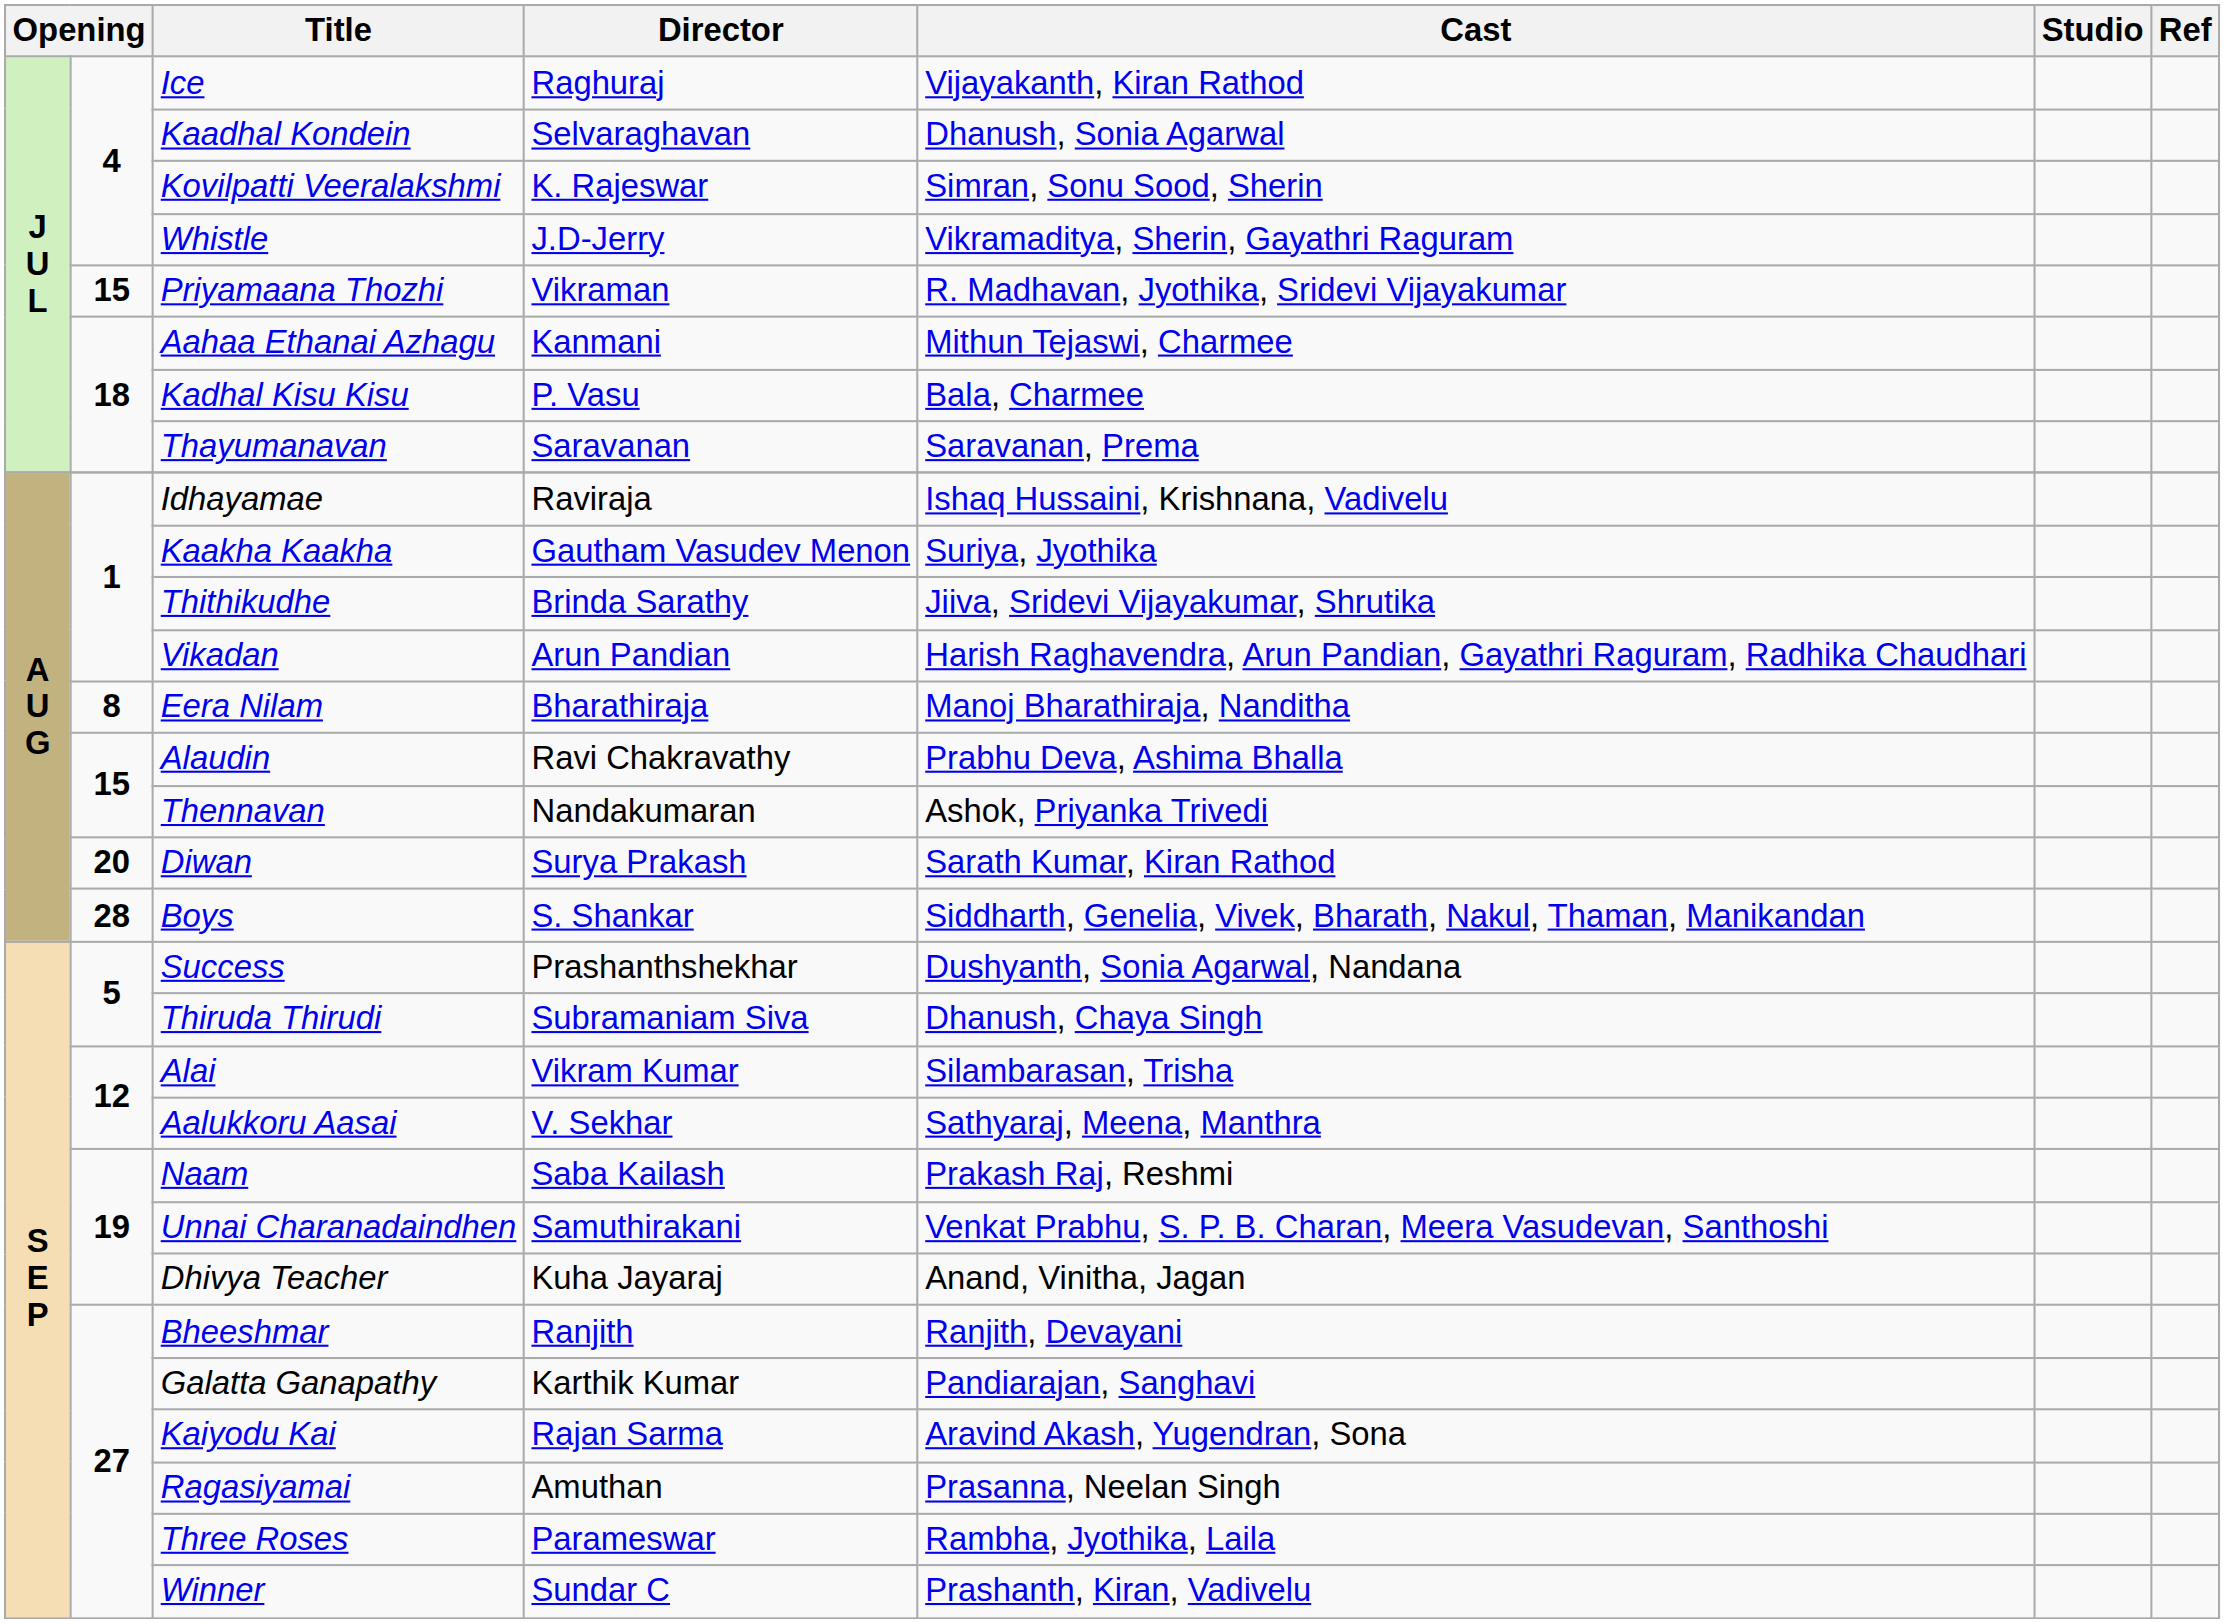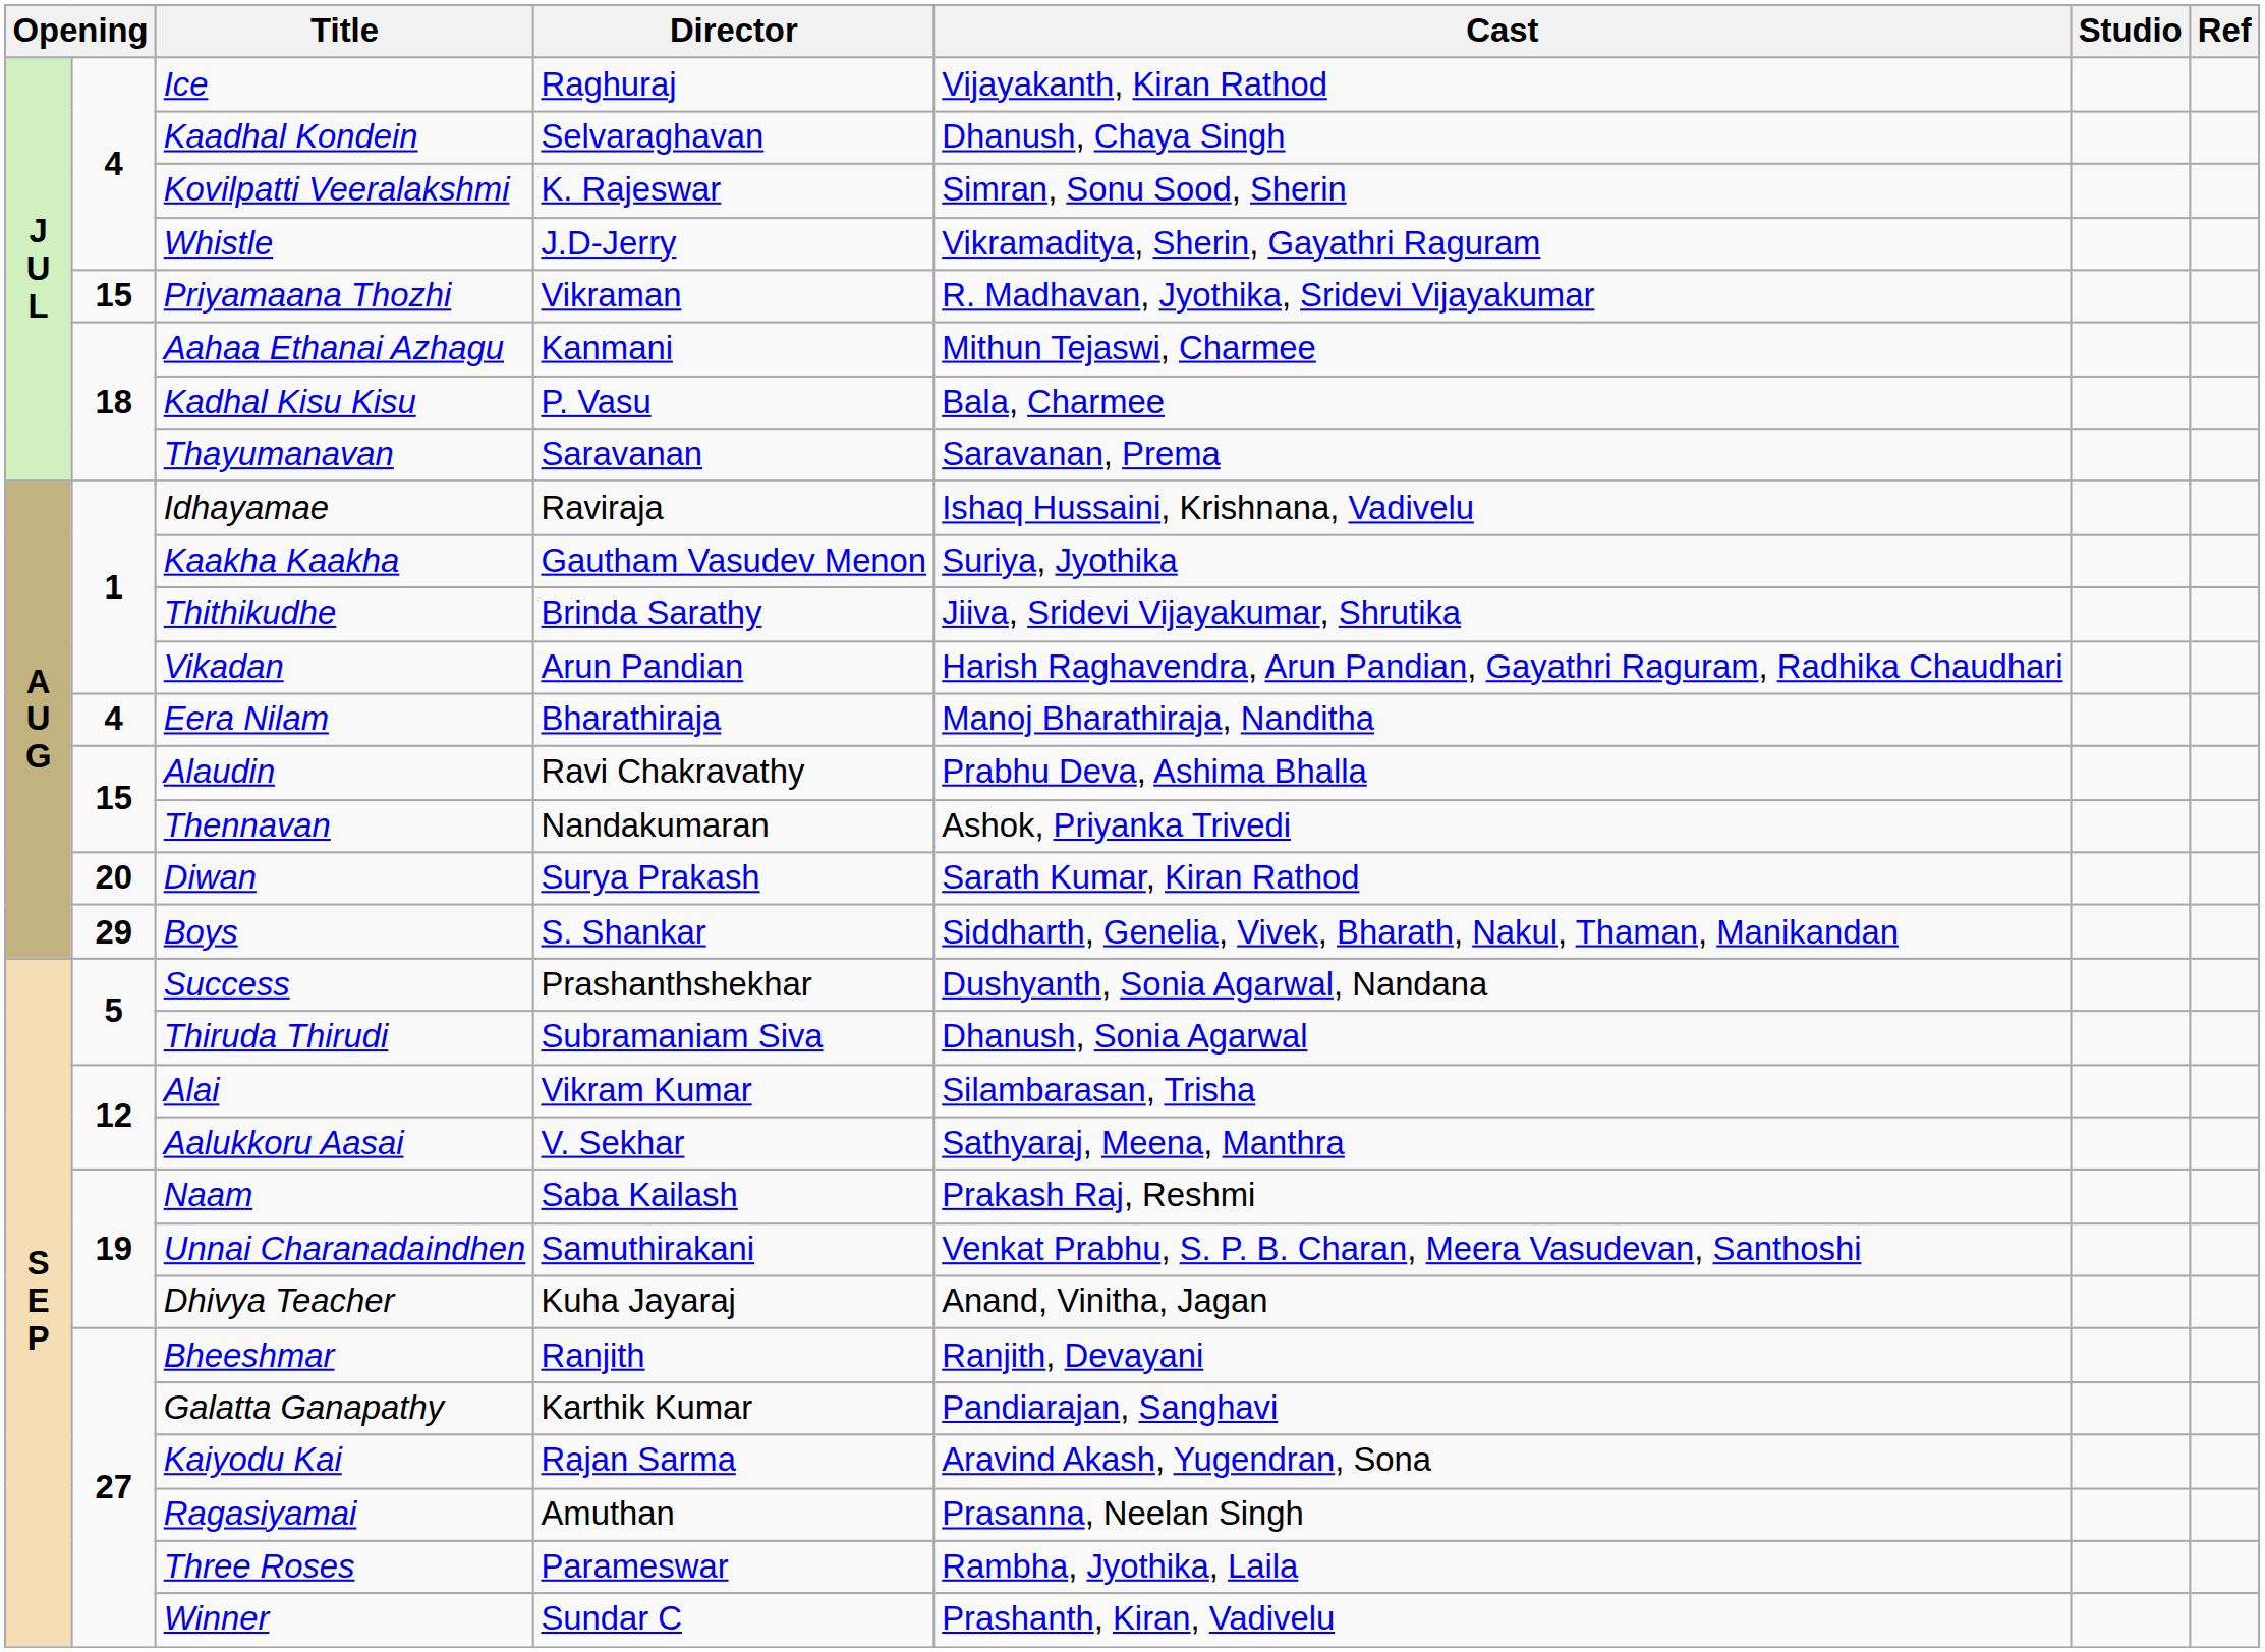 <table class="wikitable">
 <tr>
 <th colspan="2">Opening</th>
 <th>Title</th>
 <th>Director</th>
 <th>Cast</th>
 <th>Studio</th>
 <th>Ref</th>
 </tr>
 <tr July!>
 <td rowspan="8" valign="center" align="center" style="background:#d0f0c0; textcolor:#000;"><strong>J<br>U<br>L</strong></td>
 <td rowspan="4" align="center"><strong>4</strong></td>
 <td><em><a href='#'>Ice</a></em></td>
 <td><a href='#'>Raghuraj</a></td>
 <td><a href='#'>Vijayakanth</a>, <a href='#'>Kiran Rathod</a></td>
 <td></td>
 <td></td>
 </tr>
 <tr>
 <td><em><a href='#'>Kaadhal Kondein</a></em></td>
 <td><a href='#'>Selvaraghavan</a></td>
-<td><a href='#'>Dhanush</a>, <a href='#'>Sonia Agarwal</a></td>
+<td><a href='#'>Dhanush</a>, <a href='#'>Chaya Singh</a></td>
 <td></td>
 <td></td>
 </tr>
 <tr>
 <td><em><a href='#'>Kovilpatti Veeralakshmi</a></em></td>
 <td><a href='#'>K. Rajeswar</a></td>
 <td><a href='#'>Simran</a>, <a href='#'>Sonu Sood</a>, <a href='#'>Sherin</a></td>
 <td></td>
 <td></td>
 </tr>
 <tr>
 <td><em><a href='#'>Whistle</a></em></td>
 <td><a href='#'>J.D-Jerry</a></td>
 <td><a href='#'>Vikramaditya</a>, <a href='#'>Sherin</a>, <a href='#'>Gayathri Raguram</a></td>
 <td></td>
 <td></td>
 </tr>
 <tr>
 <td rowspan="1" align="center"><strong>15</strong></td>
 <td><em><a href='#'>Priyamaana Thozhi</a></em></td>
 <td><a href='#'>Vikraman</a></td>
 <td><a href='#'>R. Madhavan</a>, <a href='#'>Jyothika</a>, <a href='#'>Sridevi Vijayakumar</a></td>
 <td></td>
 <td></td>
 </tr>
 <tr>
 <td rowspan="3" align="center"><strong>18</strong></td>
 <td><em><a href='#'>Aahaa Ethanai Azhagu</a></em></td>
 <td><a href='#'>Kanmani</a></td>
 <td><a href='#'>Mithun Tejaswi</a>, <a href='#'>Charmee</a></td>
 <td></td>
 <td></td>
 </tr>
 <tr>
 <td><em><a href='#'>Kadhal Kisu Kisu</a></em></td>
 <td><a href='#'>P. Vasu</a></td>
 <td><a href='#'>Bala</a>, <a href='#'>Charmee</a></td>
 <td></td>
 <td></td>
 </tr>
 <tr>
 <td><em><a href='#'>Thayumanavan</a></em></td>
 <td><a href='#'>Saravanan</a></td>
 <td><a href='#'>Saravanan</a>, <a href='#'>Prema</a></td>
 <td></td>
 <td></td>
 </tr>
 <tr>
 </tr>
 <tr August!>
 <td rowspan="9" valign="center" align="center" style="background:#C2B280; textcolor:#000;"><strong>A<br>U<br>G</strong></td>
 <td rowspan="4" align="center"><strong>1</strong></td>
 <td><em>Idhayamae</em></td>
 <td>Raviraja</td>
 <td><a href='#'>Ishaq Hussaini</a>, Krishnana, <a href='#'>Vadivelu</a></td>
 <td></td>
 <td></td>
 </tr>
 <tr>
 <td><em><a href='#'>Kaakha Kaakha</a></em></td>
 <td><a href='#'>Gautham Vasudev Menon</a></td>
 <td><a href='#'>Suriya</a>, <a href='#'>Jyothika</a></td>
 <td></td>
 <td></td>
 </tr>
 <tr>
 <td><em><a href='#'>Thithikudhe</a></em></td>
 <td><a href='#'>Brinda Sarathy</a></td>
 <td><a href='#'>Jiiva</a>, <a href='#'>Sridevi Vijayakumar</a>, <a href='#'>Shrutika</a></td>
 <td></td>
 <td></td>
 </tr>
 <tr>
 <td><em><a href='#'>Vikadan</a></em></td>
 <td><a href='#'>Arun Pandian</a></td>
 <td><a href='#'>Harish Raghavendra</a>, <a href='#'>Arun Pandian</a>, <a href='#'>Gayathri Raguram</a>, <a href='#'>Radhika Chaudhari</a></td>
 <td></td>
 <td></td>
 </tr>
 <tr>
-<td rowspan="1" align="center"><strong>8</strong></td>
+<td rowspan="1" align="center"><strong>4</strong></td>
 <td><em><a href='#'>Eera Nilam</a></em></td>
 <td><a href='#'>Bharathiraja</a></td>
 <td><a href='#'>Manoj Bharathiraja</a>, <a href='#'>Nanditha</a></td>
 <td></td>
 <td></td>
 </tr>
 <tr>
 <td rowspan="2" align="center"><strong>15</strong></td>
 <td><em><a href='#'>Alaudin</a></em></td>
 <td>Ravi Chakravathy</td>
 <td><a href='#'>Prabhu Deva</a>, <a href='#'>Ashima Bhalla</a></td>
 <td></td>
 <td></td>
 </tr>
 <tr>
 <td><em><a href='#'>Thennavan</a></em></td>
 <td>Nandakumaran</td>
 <td>Ashok, <a href='#'>Priyanka Trivedi</a></td>
 <td></td>
 <td></td>
 </tr>
 <tr>
 <td rowspan="1" align="center"><strong>20</strong></td>
 <td><em><a href='#'>Diwan</a></em></td>
 <td><a href='#'>Surya Prakash</a></td>
 <td><a href='#'>Sarath Kumar</a>, <a href='#'>Kiran Rathod</a></td>
 <td></td>
 <td></td>
 </tr>
 <tr>
-<td rowspan="1" align="center"><strong>28</strong></td>
+<td rowspan="1" align="center"><strong>29</strong></td>
 <td><em><a href='#'>Boys</a></em></td>
 <td><a href='#'>S. Shankar</a></td>
 <td><a href='#'>Siddharth</a>, <a href='#'>Genelia</a>, <a href='#'>Vivek</a>, <a href='#'>Bharath</a>, <a href='#'>Nakul</a>, <a href='#'>Thaman</a>, <a href='#'>Manikandan</a></td>
 <td></td>
 <td></td>
 </tr>
 <tr September!>
 <td rowspan="13" valign="center" align="center" style="background:#F5DEB3; textcolor:#000;"><strong>S<br>E<br>P</strong></td>
 <td rowspan="2" align="center"><strong>5</strong></td>
 <td><em><a href='#'>Success</a></em></td>
 <td>Prashanthshekhar</td>
 <td><a href='#'>Dushyanth</a>, <a href='#'>Sonia Agarwal</a>, Nandana</td>
 <td></td>
 <td></td>
 </tr>
 <tr>
 <td><em><a href='#'>Thiruda Thirudi</a></em></td>
 <td><a href='#'>Subramaniam Siva</a></td>
-<td><a href='#'>Dhanush</a>, <a href='#'>Chaya Singh</a></td>
+<td><a href='#'>Dhanush</a>, <a href='#'>Sonia Agarwal</a></td>
 <td></td>
 <td></td>
 </tr>
 <tr>
 <td rowspan="2" align="center"><strong>12</strong></td>
 <td><em><a href='#'>Alai</a></em></td>
 <td><a href='#'>Vikram Kumar</a></td>
 <td><a href='#'>Silambarasan</a>, <a href='#'>Trisha</a></td>
 <td></td>
 <td></td>
 </tr>
 <tr>
 <td><em><a href='#'>Aalukkoru Aasai</a></em></td>
 <td><a href='#'>V. Sekhar</a></td>
 <td><a href='#'>Sathyaraj</a>, <a href='#'>Meena</a>, <a href='#'>Manthra</a></td>
 <td></td>
 <td></td>
 </tr>
 <tr>
 <td rowspan="3" align="center"><strong>19</strong></td>
 <td><em><a href='#'>Naam</a></em></td>
 <td><a href='#'>Saba Kailash</a></td>
 <td><a href='#'>Prakash Raj</a>, Reshmi</td>
 <td></td>
 <td></td>
 </tr>
 <tr>
 <td><em><a href='#'>Unnai Charanadaindhen</a></em></td>
 <td><a href='#'>Samuthirakani</a></td>
 <td><a href='#'>Venkat Prabhu</a>, <a href='#'>S. P. B. Charan</a>, <a href='#'>Meera Vasudevan</a>, <a href='#'>Santhoshi</a></td>
 <td></td>
 <td></td>
 </tr>
 <tr>
 <td><em>Dhivya Teacher</em></td>
 <td>Kuha Jayaraj</td>
 <td>Anand, Vinitha, Jagan</td>
 <td></td>
 <td></td>
 </tr>
 <tr>
 <td rowspan="6" align="center"><strong>27</strong></td>
 <td><em><a href='#'>Bheeshmar</a></em></td>
 <td><a href='#'>Ranjith</a></td>
 <td><a href='#'>Ranjith</a>, <a href='#'>Devayani</a></td>
 <td></td>
 <td></td>
 </tr>
 <tr>
 <td><em>Galatta Ganapathy</em></td>
 <td>Karthik Kumar</td>
 <td><a href='#'>Pandiarajan</a>, <a href='#'>Sanghavi</a></td>
 <td></td>
 <td></td>
 </tr>
 <tr>
 <td><em><a href='#'>Kaiyodu Kai</a></em></td>
 <td><a href='#'>Rajan Sarma</a></td>
 <td><a href='#'>Aravind Akash</a>, <a href='#'>Yugendran</a>, Sona</td>
 <td></td>
 <td></td>
 </tr>
 <tr>
 <td><em><a href='#'>Ragasiyamai</a></em></td>
 <td>Amuthan</td>
 <td><a href='#'>Prasanna</a>, Neelan Singh</td>
 <td></td>
 <td></td>
 </tr>
 <tr>
 <td><em><a href='#'>Three Roses</a></em></td>
 <td><a href='#'>Parameswar</a></td>
 <td><a href='#'>Rambha</a>, <a href='#'>Jyothika</a>, <a href='#'>Laila</a></td>
 <td></td>
 <td></td>
 </tr>
 <tr>
 <td><em><a href='#'>Winner</a></em></td>
 <td><a href='#'>Sundar C</a></td>
 <td><a href='#'>Prashanth</a>, <a href='#'>Kiran</a>, <a href='#'>Vadivelu</a></td>
 <td></td>
 <td></td>
 </tr>
 </table>
